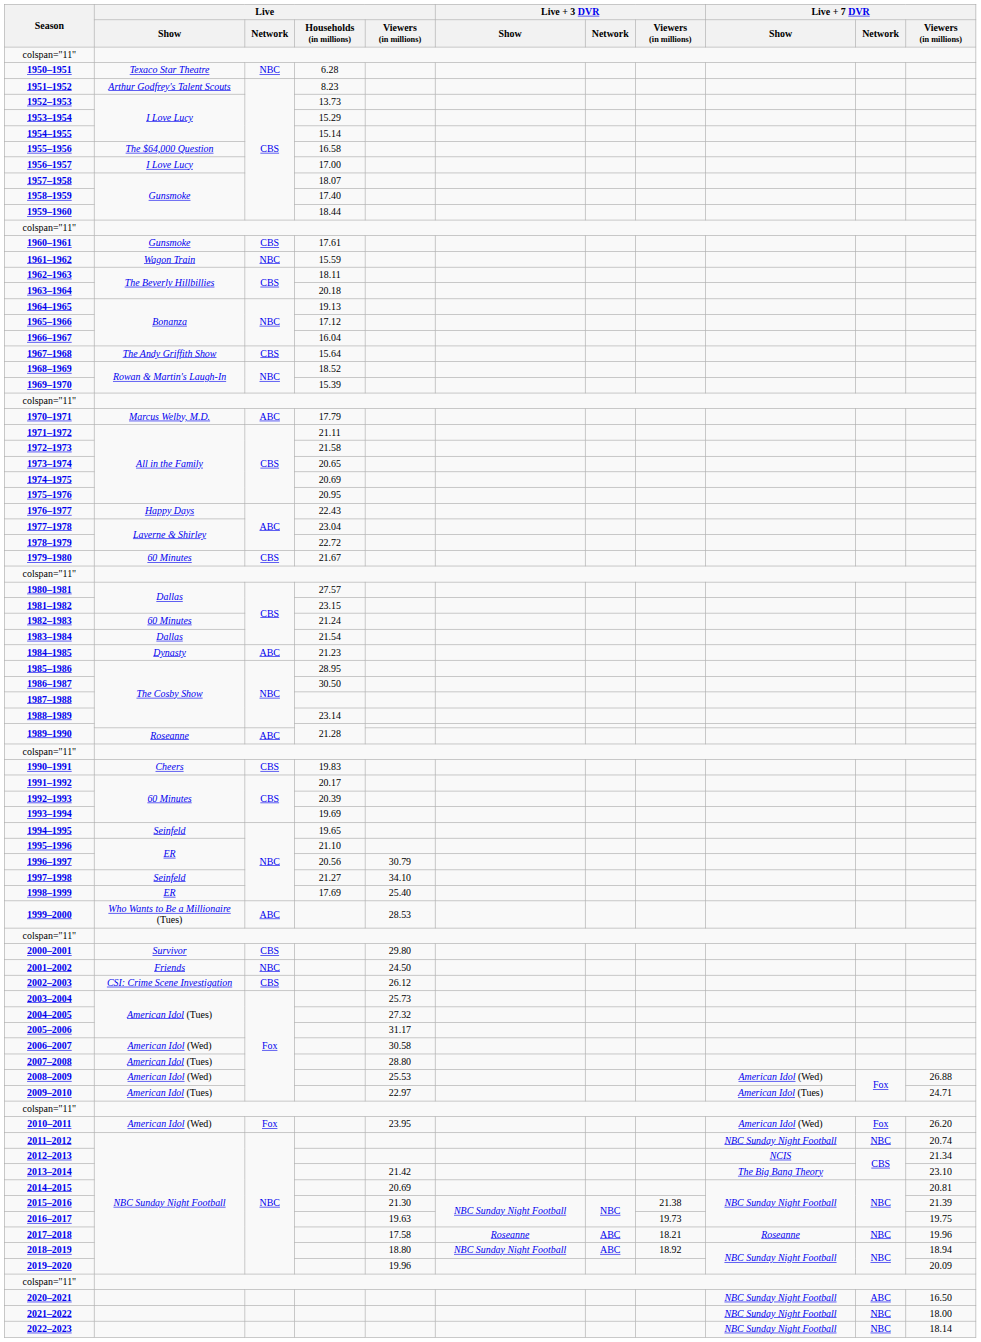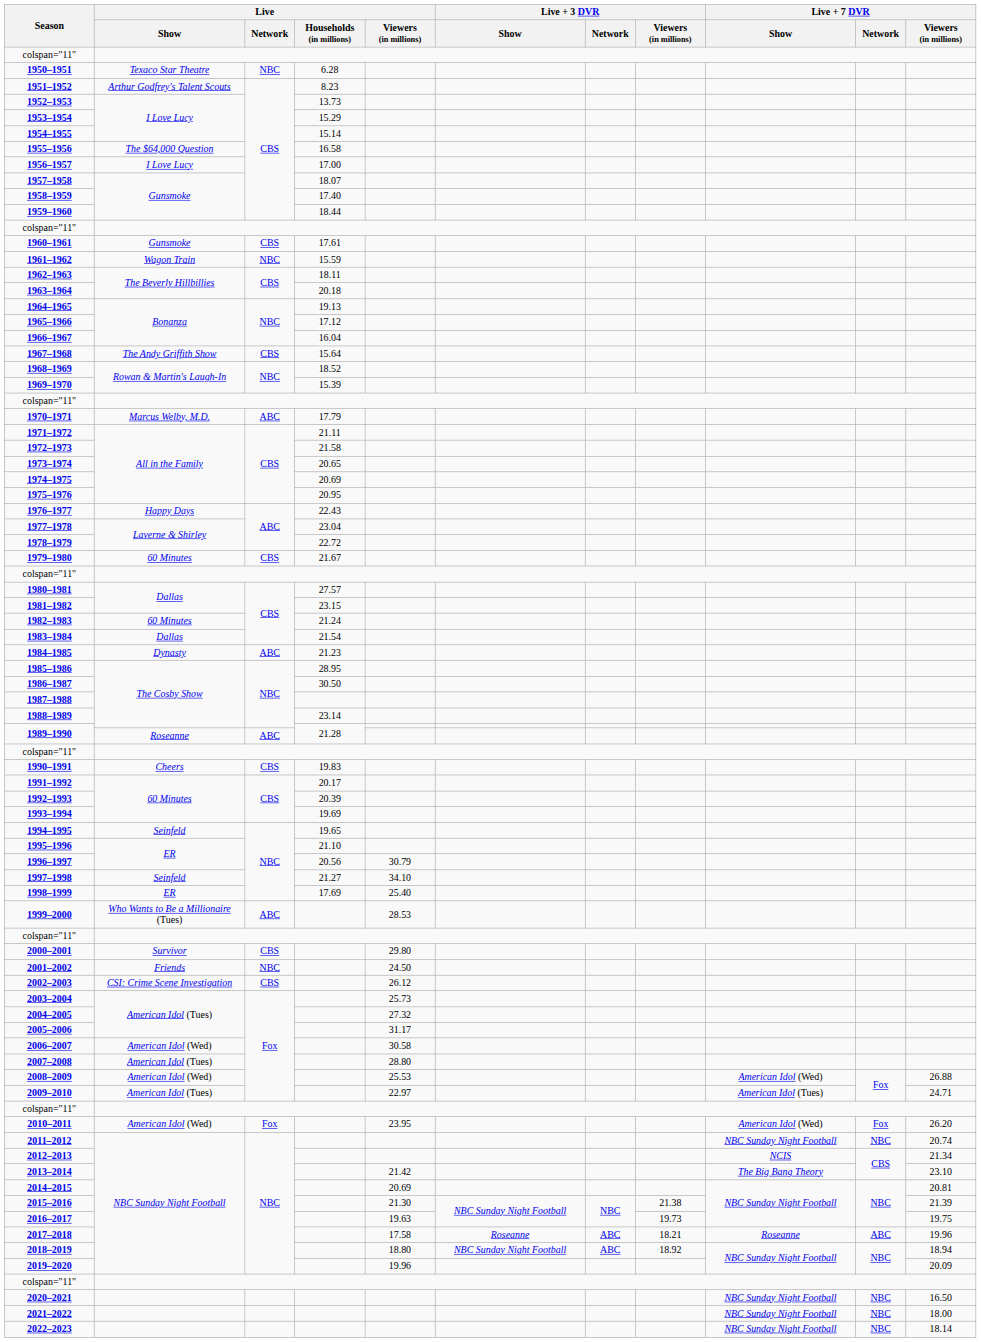 <table class="wikitable" style="text-align:center">
 <tr>
 <th rowspan="2" style="width:9%;">Season</th>
 <th colspan="4" style="width:34%;">Live</th>
 <th colspan="3" style="width:28%;">Live + 3 <a href='#'>DVR</a></th>
 <th colspan="3" style="width:28%;">Live + 7 <a href='#'>DVR</a></th>
 </tr>
 <tr>
 <th style="width:15%;">Show</th>
 <th style="width:5%;">Network</th>
 <th style="width:7%;">Households<br><small>(in millions)</small></th>
 <th style="width:7%;">Viewers<br><small>(in millions)</small></th>
 <th style="width:15%;">Show</th>
 <th style="width:5%;">Network</th>
 <th style="width:7%;">Viewers<br><small>(in millions)</small></th>
 <th style="width:15%;">Show</th>
 <th style="width:5%;">Network</th>
 <th style="width:7%;">Viewers<br><small>(in millions)</small></th>
 </tr>
 <tr>
 <td>colspan="11" </td>
 </tr>
 <tr>
 <td><strong><a href='#'>1950–1951</a></strong></td>
 <td><em><a href='#'>Texaco Star Theatre</a></em></td>
 <td><a href='#'>NBC</a></td>
 <td>6.28</td>
 <td></td>
 <td></td>
 <td></td>
 <td></td>
 <td></td>
 <td></td>
 <td></td>
 </tr>
 <tr>
 <td><strong><a href='#'>1951–1952</a></strong></td>
 <td><em><a href='#'>Arthur Godfrey's Talent Scouts</a></em></td>
 <td rowspan="9"><a href='#'>CBS</a></td>
 <td>8.23</td>
 <td></td>
 <td></td>
 <td></td>
 <td></td>
 <td></td>
 <td></td>
 <td></td>
 </tr>
 <tr>
 <td><strong><a href='#'>1952–1953</a></strong></td>
 <td rowspan="3"><em><a href='#'>I Love Lucy</a></em></td>
 <td>13.73</td>
 <td></td>
 <td></td>
 <td></td>
 <td></td>
 <td></td>
 <td></td>
 <td></td>
 </tr>
 <tr>
 <td><strong><a href='#'>1953–1954</a></strong></td>
 <td>15.29</td>
 <td></td>
 <td></td>
 <td></td>
 <td></td>
 <td></td>
 <td></td>
 <td></td>
 </tr>
 <tr>
 <td><strong><a href='#'>1954–1955</a></strong></td>
 <td>15.14</td>
 <td></td>
 <td></td>
 <td></td>
 <td></td>
 <td></td>
 <td></td>
 <td></td>
 </tr>
 <tr>
 <td><strong><a href='#'>1955–1956</a></strong></td>
 <td><em><a href='#'>The $64,000 Question</a></em></td>
 <td>16.58</td>
 <td></td>
 <td></td>
 <td></td>
 <td></td>
 <td></td>
 <td></td>
 <td></td>
 </tr>
 <tr>
 <td><strong><a href='#'>1956–1957</a></strong></td>
 <td><em><a href='#'>I Love Lucy</a></em></td>
 <td>17.00</td>
 <td></td>
 <td></td>
 <td></td>
 <td></td>
 <td></td>
 <td></td>
 <td></td>
 </tr>
 <tr>
 <td><strong><a href='#'>1957–1958</a></strong></td>
 <td rowspan="3"><em><a href='#'>Gunsmoke</a></em></td>
 <td>18.07</td>
 <td></td>
 <td></td>
 <td></td>
 <td></td>
 <td></td>
 <td></td>
 <td></td>
 </tr>
 <tr>
 <td><strong><a href='#'>1958–1959</a></strong></td>
 <td>17.40</td>
 <td></td>
 <td></td>
 <td></td>
 <td></td>
 <td></td>
 <td></td>
 <td></td>
 </tr>
 <tr>
 <td><strong><a href='#'>1959–1960</a></strong></td>
 <td>18.44</td>
 <td></td>
 <td></td>
 <td></td>
 <td></td>
 <td></td>
 <td></td>
 <td></td>
 </tr>
 <tr>
 <td>colspan="11" </td>
 </tr>
 <tr>
 <td><strong><a href='#'>1960–1961</a></strong></td>
 <td><em><a href='#'>Gunsmoke</a></em></td>
 <td><a href='#'>CBS</a></td>
 <td>17.61</td>
 <td></td>
 <td></td>
 <td></td>
 <td></td>
 <td></td>
 <td></td>
 <td></td>
 </tr>
 <tr>
 <td><strong><a href='#'>1961–1962</a></strong></td>
 <td><em><a href='#'>Wagon Train</a></em></td>
 <td><a href='#'>NBC</a></td>
 <td>15.59</td>
 <td></td>
 <td></td>
 <td></td>
 <td></td>
 <td></td>
 <td></td>
 <td></td>
 </tr>
 <tr>
 <td><strong><a href='#'>1962–1963</a></strong></td>
 <td rowspan="2"><em><a href='#'>The Beverly Hillbillies</a></em></td>
 <td rowspan="2"><a href='#'>CBS</a></td>
 <td>18.11</td>
 <td></td>
 <td></td>
 <td></td>
 <td></td>
 <td></td>
 <td></td>
 <td></td>
 </tr>
 <tr>
 <td><strong><a href='#'>1963–1964</a></strong></td>
 <td>20.18</td>
 <td></td>
 <td></td>
 <td></td>
 <td></td>
 <td></td>
 <td></td>
 <td></td>
 </tr>
 <tr>
 <td><strong><a href='#'>1964–1965</a></strong></td>
 <td rowspan="3"><em><a href='#'>Bonanza</a></em></td>
 <td rowspan="3"><a href='#'>NBC</a></td>
 <td>19.13</td>
 <td></td>
 <td></td>
 <td></td>
 <td></td>
 <td></td>
 <td></td>
 <td></td>
 </tr>
 <tr>
 <td><strong><a href='#'>1965–1966</a></strong></td>
 <td>17.12</td>
 <td></td>
 <td></td>
 <td></td>
 <td></td>
 <td></td>
 <td></td>
 <td></td>
 </tr>
 <tr>
 <td><strong><a href='#'>1966–1967</a></strong></td>
 <td>16.04</td>
 <td></td>
 <td></td>
 <td></td>
 <td></td>
 <td></td>
 <td></td>
 <td></td>
 </tr>
 <tr>
 <td><strong><a href='#'>1967–1968</a></strong></td>
 <td><em><a href='#'>The Andy Griffith Show</a></em></td>
 <td><a href='#'>CBS</a></td>
 <td>15.64</td>
 <td></td>
 <td></td>
 <td></td>
 <td></td>
 <td></td>
 <td></td>
 <td></td>
 </tr>
 <tr>
 <td><strong><a href='#'>1968–1969</a></strong></td>
 <td rowspan="2"><em><a href='#'>Rowan & Martin's Laugh-In</a></em></td>
 <td rowspan="2"><a href='#'>NBC</a></td>
 <td>18.52</td>
 <td></td>
 <td></td>
 <td></td>
 <td></td>
 <td></td>
 <td></td>
 <td></td>
 </tr>
 <tr>
 <td><strong><a href='#'>1969–1970</a></strong></td>
 <td>15.39</td>
 <td></td>
 <td></td>
 <td></td>
 <td></td>
 <td></td>
 <td></td>
 <td></td>
 </tr>
 <tr>
 <td>colspan="11" </td>
 </tr>
 <tr>
 <td><strong><a href='#'>1970–1971</a></strong></td>
 <td><em><a href='#'>Marcus Welby, M.D.</a></em></td>
 <td><a href='#'>ABC</a></td>
 <td>17.79</td>
 <td></td>
 <td></td>
 <td></td>
 <td></td>
 <td></td>
 <td></td>
 <td></td>
 </tr>
 <tr>
 <td><strong><a href='#'>1971–1972</a></strong></td>
 <td rowspan="5"><em><a href='#'>All in the Family</a></em></td>
 <td rowspan="5"><a href='#'>CBS</a></td>
 <td>21.11</td>
 <td></td>
 <td></td>
 <td></td>
 <td></td>
 <td></td>
 <td></td>
 <td></td>
 </tr>
 <tr>
 <td><strong><a href='#'>1972–1973</a></strong></td>
 <td>21.58</td>
 <td></td>
 <td></td>
 <td></td>
 <td></td>
 <td></td>
 <td></td>
 <td></td>
 </tr>
 <tr>
 <td><strong><a href='#'>1973–1974</a></strong></td>
 <td>20.65</td>
 <td></td>
 <td></td>
 <td></td>
 <td></td>
 <td></td>
 <td></td>
 <td></td>
 </tr>
 <tr>
 <td><strong><a href='#'>1974–1975</a></strong></td>
 <td>20.69</td>
 <td></td>
 <td></td>
 <td></td>
 <td></td>
 <td></td>
 <td></td>
 <td></td>
 </tr>
 <tr>
 <td><strong><a href='#'>1975–1976</a></strong></td>
 <td>20.95</td>
 <td></td>
 <td></td>
 <td></td>
 <td></td>
 <td></td>
 <td></td>
 <td></td>
 </tr>
 <tr>
 <td><strong><a href='#'>1976–1977</a></strong></td>
 <td><em><a href='#'>Happy Days</a></em></td>
 <td rowspan="3"><a href='#'>ABC</a></td>
 <td>22.43</td>
 <td></td>
 <td></td>
 <td></td>
 <td></td>
 <td></td>
 <td></td>
 <td></td>
 </tr>
 <tr>
 <td><strong><a href='#'>1977–1978</a></strong></td>
 <td rowspan="2"><em><a href='#'>Laverne & Shirley</a></em></td>
 <td>23.04</td>
 <td></td>
 <td></td>
 <td></td>
 <td></td>
 <td></td>
 <td></td>
 <td></td>
 </tr>
 <tr>
 <td><strong><a href='#'>1978–1979</a></strong></td>
 <td>22.72</td>
 <td></td>
 <td></td>
 <td></td>
 <td></td>
 <td></td>
 <td></td>
 <td></td>
 </tr>
 <tr>
 <td><strong><a href='#'>1979–1980</a></strong></td>
 <td><em><a href='#'>60 Minutes</a></em></td>
 <td><a href='#'>CBS</a></td>
 <td>21.67</td>
 <td></td>
 <td></td>
 <td></td>
 <td></td>
 <td></td>
 <td></td>
 <td></td>
 </tr>
 <tr>
 <td>colspan="11" </td>
 </tr>
 <tr>
 <td><strong><a href='#'>1980–1981</a></strong></td>
 <td rowspan="2"><em><a href='#'>Dallas</a></em></td>
 <td rowspan="4"><a href='#'>CBS</a></td>
 <td>27.57</td>
 <td></td>
 <td></td>
 <td></td>
 <td></td>
 <td></td>
 <td></td>
 <td></td>
 </tr>
 <tr>
 <td><strong><a href='#'>1981–1982</a></strong></td>
 <td>23.15</td>
 <td></td>
 <td></td>
 <td></td>
 <td></td>
 <td></td>
 <td></td>
 <td></td>
 </tr>
 <tr>
 <td><strong><a href='#'>1982–1983</a></strong></td>
 <td><em><a href='#'>60 Minutes</a></em></td>
 <td>21.24</td>
 <td></td>
 <td></td>
 <td></td>
 <td></td>
 <td></td>
 <td></td>
 <td></td>
 </tr>
 <tr>
 <td><strong><a href='#'>1983–1984</a></strong></td>
 <td><em><a href='#'>Dallas</a></em></td>
 <td>21.54</td>
 <td></td>
 <td></td>
 <td></td>
 <td></td>
 <td></td>
 <td></td>
 <td></td>
 </tr>
 <tr>
 <td><strong><a href='#'>1984–1985</a></strong></td>
 <td><em><a href='#'>Dynasty</a></em></td>
 <td><a href='#'>ABC</a></td>
 <td>21.23</td>
 <td></td>
 <td></td>
 <td></td>
 <td></td>
 <td></td>
 <td></td>
 <td></td>
 </tr>
 <tr>
 <td><strong><a href='#'>1985–1986</a></strong></td>
 <td rowspan="5"><em><a href='#'>The Cosby Show</a></em></td>
 <td rowspan="5"><a href='#'>NBC</a></td>
 <td>28.95</td>
 <td></td>
 <td></td>
 <td></td>
 <td></td>
 <td></td>
 <td></td>
 <td></td>
 </tr>
 <tr>
 <td><strong><a href='#'>1986–1987</a></strong></td>
 <td>30.50</td>
 <td></td>
 <td></td>
 <td></td>
 <td></td>
 <td></td>
 <td></td>
 <td></td>
 </tr>
 <tr>
 <td><strong><a href='#'>1987–1988</a></strong></td>
 <td></td>
 <td></td>
 <td></td>
 <td></td>
 <td></td>
 <td></td>
 <td></td>
 <td></td>
 </tr>
 <tr>
 <td><strong><a href='#'>1988–1989</a></strong></td>
 <td>23.14</td>
 <td></td>
 <td></td>
 <td></td>
 <td></td>
 <td></td>
 <td></td>
 <td></td>
 </tr>
 <tr>
 <td rowspan="2"><strong><a href='#'>1989–1990</a></strong></td>
 <td rowspan="2">21.28</td>
 <td></td>
 <td></td>
 <td></td>
 <td></td>
 <td></td>
 <td></td>
 <td></td>
 </tr>
 <tr>
 <td><em><a href='#'>Roseanne</a></em></td>
 <td><a href='#'>ABC</a></td>
 <td></td>
 <td></td>
 <td></td>
 <td></td>
 <td></td>
 <td></td>
 <td></td>
 </tr>
 <tr>
 <td>colspan="11" </td>
 </tr>
 <tr>
 <td><strong><a href='#'>1990–1991</a></strong></td>
 <td><em><a href='#'>Cheers</a></em></td>
 <td><a href='#'>CBS</a></td>
 <td>19.83</td>
 <td></td>
 <td></td>
 <td></td>
 <td></td>
 <td></td>
 <td></td>
 <td></td>
 </tr>
 <tr>
 <td><strong><a href='#'>1991–1992</a></strong></td>
 <td rowspan="3"><em><a href='#'>60 Minutes</a></em></td>
 <td rowspan="3"><a href='#'>CBS</a></td>
 <td>20.17</td>
 <td></td>
 <td></td>
 <td></td>
 <td></td>
 <td></td>
 <td></td>
 <td></td>
 </tr>
 <tr>
 <td><strong><a href='#'>1992–1993</a></strong></td>
 <td>20.39</td>
 <td></td>
 <td></td>
 <td></td>
 <td></td>
 <td></td>
 <td></td>
 <td></td>
 </tr>
 <tr>
 <td><strong><a href='#'>1993–1994</a></strong></td>
 <td>19.69</td>
 <td></td>
 <td></td>
 <td></td>
 <td></td>
 <td></td>
 <td></td>
 <td></td>
 </tr>
 <tr>
 <td><strong><a href='#'>1994–1995</a></strong></td>
 <td><em><a href='#'>Seinfeld</a></em></td>
 <td rowspan="5"><a href='#'>NBC</a></td>
 <td>19.65</td>
 <td></td>
 <td></td>
 <td></td>
 <td></td>
 <td></td>
 <td></td>
 <td></td>
 </tr>
 <tr>
 <td><strong><a href='#'>1995–1996</a></strong></td>
 <td rowspan="2"><em><a href='#'>ER</a></em></td>
 <td>21.10</td>
 <td></td>
 <td></td>
 <td></td>
 <td></td>
 <td></td>
 <td></td>
 <td></td>
 </tr>
 <tr>
 <td><strong><a href='#'>1996–1997</a></strong></td>
 <td>20.56</td>
 <td>30.79</td>
 <td></td>
 <td></td>
 <td></td>
 <td></td>
 <td></td>
 <td></td>
 </tr>
 <tr>
 <td><strong><a href='#'>1997–1998</a></strong></td>
 <td><em><a href='#'>Seinfeld</a></em></td>
 <td>21.27</td>
 <td>34.10</td>
 <td></td>
 <td></td>
 <td></td>
 <td></td>
 <td></td>
 <td></td>
 </tr>
 <tr>
 <td><strong><a href='#'>1998–1999</a></strong></td>
 <td><em><a href='#'>ER</a></em></td>
 <td>17.69</td>
 <td>25.40</td>
 <td></td>
 <td></td>
 <td></td>
 <td></td>
 <td></td>
 <td></td>
 </tr>
 <tr>
 <td><strong><a href='#'>1999–2000</a></strong></td>
 <td><em><a href='#'>Who Wants to Be a Millionaire</a></em> (Tues)</td>
 <td><a href='#'>ABC</a></td>
 <td></td>
 <td>28.53</td>
 <td></td>
 <td></td>
 <td></td>
 <td></td>
 <td></td>
 <td></td>
 </tr>
 <tr>
 <td>colspan="11" </td>
 </tr>
 <tr>
 <td><strong><a href='#'>2000–2001</a></strong></td>
 <td><em><a href='#'>Survivor</a></em></td>
 <td><a href='#'>CBS</a></td>
 <td></td>
 <td>29.80</td>
 <td></td>
 <td></td>
 <td></td>
 <td></td>
 <td></td>
 <td></td>
 </tr>
 <tr>
 <td><strong><a href='#'>2001–2002</a></strong></td>
 <td><em><a href='#'>Friends</a></em></td>
 <td><a href='#'>NBC</a></td>
 <td></td>
 <td>24.50</td>
 <td></td>
 <td></td>
 <td></td>
 <td></td>
 <td></td>
 <td></td>
 </tr>
 <tr>
 <td><strong><a href='#'>2002–2003</a></strong></td>
 <td><em><a href='#'>CSI: Crime Scene Investigation</a></em></td>
 <td><a href='#'>CBS</a></td>
 <td></td>
 <td>26.12</td>
 <td></td>
 <td></td>
 <td></td>
 <td></td>
 <td></td>
 <td></td>
 </tr>
 <tr>
 <td><strong><a href='#'>2003–2004</a></strong></td>
 <td rowspan="3"><em><a href='#'>American Idol</a></em> (Tues)</td>
 <td rowspan="7"><a href='#'>Fox</a></td>
 <td></td>
 <td>25.73</td>
 <td></td>
 <td></td>
 <td></td>
 <td></td>
 <td></td>
 <td></td>
 </tr>
 <tr>
 <td><strong><a href='#'>2004–2005</a></strong></td>
 <td></td>
 <td>27.32</td>
 <td></td>
 <td></td>
 <td></td>
 <td></td>
 <td></td>
 <td></td>
 </tr>
 <tr>
 <td><strong><a href='#'>2005–2006</a></strong></td>
 <td></td>
 <td>31.17</td>
 <td></td>
 <td></td>
 <td></td>
 <td></td>
 <td></td>
 <td></td>
 </tr>
 <tr>
 <td><strong><a href='#'>2006–2007</a></strong></td>
 <td><em><a href='#'>American Idol</a></em> (Wed)</td>
 <td></td>
 <td>30.58</td>
 <td></td>
 <td></td>
 <td></td>
 <td></td>
 <td></td>
 <td></td>
 </tr>
 <tr>
 <td><strong><a href='#'>2007–2008</a></strong></td>
 <td><em><a href='#'>American Idol</a></em> (Tues)</td>
 <td></td>
 <td>28.80</td>
 <td></td>
 <td></td>
 <td></td>
 <td></td>
 <td></td>
 <td></td>
 </tr>
 <tr>
 <td><strong><a href='#'>2008–2009</a></strong></td>
 <td><em><a href='#'>American Idol</a></em> (Wed)</td>
 <td></td>
 <td>25.53</td>
 <td></td>
 <td></td>
 <td></td>
 <td><em><a href='#'>American Idol</a></em> (Wed)</td>
 <td rowspan="2"><a href='#'>Fox</a></td>
 <td>26.88</td>
 </tr>
 <tr>
 <td><strong><a href='#'>2009–2010</a></strong></td>
 <td><em><a href='#'>American Idol</a></em> (Tues)</td>
 <td></td>
 <td>22.97</td>
 <td></td>
 <td></td>
 <td></td>
 <td><em><a href='#'>American Idol</a></em> (Tues)</td>
 <td>24.71</td>
 </tr>
 <tr>
 <td>colspan="11" </td>
 </tr>
 <tr>
 <td><strong><a href='#'>2010–2011</a></strong></td>
 <td><em><a href='#'>American Idol</a></em> (Wed)</td>
 <td><a href='#'>Fox</a></td>
 <td></td>
 <td>23.95</td>
 <td></td>
 <td></td>
 <td></td>
 <td><em><a href='#'>American Idol</a></em> (Wed)</td>
 <td><a href='#'>Fox</a></td>
 <td>26.20</td>
 </tr>
 <tr>
 <td><strong><a href='#'>2011–2012</a></strong></td>
 <td rowspan="9"><em><a href='#'>NBC Sunday Night Football</a></em></td>
 <td rowspan="9"><a href='#'>NBC</a></td>
 <td></td>
 <td></td>
 <td></td>
 <td></td>
 <td></td>
 <td><em><a href='#'>NBC Sunday Night Football</a></em></td>
 <td><a href='#'>NBC</a></td>
 <td>20.74</td>
 </tr>
 <tr>
 <td><strong><a href='#'>2012–2013</a></strong></td>
 <td></td>
 <td></td>
 <td></td>
 <td></td>
 <td></td>
 <td><em><a href='#'>NCIS</a></em></td>
 <td rowspan="2"><a href='#'>CBS</a></td>
 <td>21.34</td>
 </tr>
 <tr>
 <td><strong><a href='#'>2013–2014</a></strong></td>
 <td></td>
 <td>21.42</td>
 <td></td>
 <td></td>
 <td></td>
 <td><em><a href='#'>The Big Bang Theory</a></em></td>
 <td>23.10</td>
 </tr>
 <tr>
 <td><strong><a href='#'>2014–2015</a></strong></td>
 <td></td>
 <td>20.69</td>
 <td></td>
 <td></td>
 <td></td>
 <td rowspan="3"><em><a href='#'>NBC Sunday Night Football</a></em></td>
 <td rowspan="3"><a href='#'>NBC</a></td>
 <td>20.81</td>
 </tr>
 <tr>
 <td><strong><a href='#'>2015–2016</a></strong></td>
 <td></td>
 <td>21.30</td>
 <td rowspan="2"><em><a href='#'>NBC Sunday Night Football</a></em></td>
 <td rowspan="2"><a href='#'>NBC</a></td>
 <td>21.38</td>
 <td>21.39</td>
 </tr>
 <tr>
 <td><strong><a href='#'>2016–2017</a></strong></td>
 <td></td>
 <td>19.63</td>
 <td>19.73</td>
 <td>19.75</td>
 </tr>
 <tr>
 <td><strong><a href='#'>2017–2018</a></strong></td>
 <td></td>
 <td>17.58</td>
 <td><em><a href='#'>Roseanne</a></em></td>
 <td><a href='#'>ABC</a></td>
 <td>18.21</td>
 <td><em><a href='#'>Roseanne</a></em></td>
-<td><a href='#'>NBC</a></td>
+<td><a href='#'>ABC</a></td>
 <td>19.96</td>
 </tr>
 <tr>
 <td><strong><a href='#'>2018–2019</a></strong></td>
 <td></td>
 <td>18.80</td>
 <td><em><a href='#'>NBC Sunday Night Football</a></em></td>
 <td><a href='#'>ABC</a></td>
 <td>18.92</td>
 <td rowspan="2"><em><a href='#'>NBC Sunday Night Football</a></em></td>
 <td rowspan="2"><a href='#'>NBC</a></td>
 <td>18.94</td>
 </tr>
 <tr>
 <td><strong><a href='#'>2019–2020</a></strong></td>
 <td></td>
 <td>19.96</td>
 <td></td>
 <td></td>
 <td></td>
 <td>20.09</td>
 </tr>
 <tr>
 <td>colspan="11" </td>
 </tr>
 <tr>
 <td><strong><a href='#'>2020–2021</a></strong></td>
 <td></td>
 <td></td>
 <td></td>
 <td></td>
 <td></td>
 <td></td>
 <td></td>
 <td><em><a href='#'>NBC Sunday Night Football</a></em></td>
-<td><a href='#'>ABC</a></td>
+<td><a href='#'>NBC</a></td>
 <td>16.50</td>
 </tr>
 <tr>
 <td><strong><a href='#'>2021–2022</a></strong></td>
 <td></td>
 <td></td>
 <td></td>
 <td></td>
 <td></td>
 <td></td>
 <td></td>
 <td><em><a href='#'>NBC Sunday Night Football</a></em></td>
 <td><a href='#'>NBC</a></td>
 <td>18.00</td>
 </tr>
 <tr>
 <td><strong><a href='#'>2022–2023</a></strong></td>
 <td></td>
 <td></td>
 <td></td>
 <td></td>
 <td></td>
 <td></td>
 <td></td>
 <td><em><a href='#'>NBC Sunday Night Football</a></em></td>
 <td><a href='#'>NBC</a></td>
 <td>18.14</td>
 </tr>
 </table>
